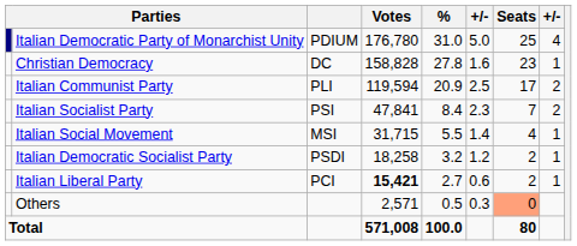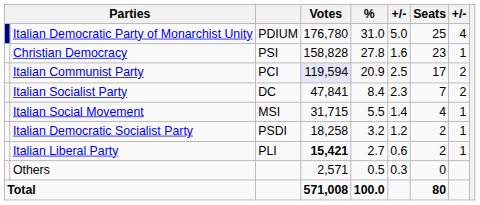 <table class="wikitable">
 <tr>
 <th colspan="2">Parties</th>
 <th></th>
 <th>Votes</th>
 <th>%</th>
 <th>+/-</th>
 <th>Seats</th>
 <th>+/-</th>
 <th rowspan="13"></th>
 </tr>
 <tr>
 <td style="background-color:#000080"></td>
 <td><a href='#'>Italian Democratic Party of Monarchist Unity</a></td>
 <td>PDIUM</td>
 <td align=right>176,780</td>
 <td align=right>31.0</td>
 <td align=right> 5.0</td>
 <td align=right>25</td>
 <td align=right> 4</td>
 </tr>
 <tr>
 <td style="background-color:"></td>
 <td><a href='#'>Christian Democracy</a></td>
-<td>DC</td>
+<td>PSI</td>
 <td align=right>158,828</td>
 <td align=right>27.8</td>
 <td align=right> 1.6</td>
 <td align=right>23</td>
 <td align=right> 1</td>
 </tr>
 <tr>
 <td style="background-color:"></td>
 <td><a href='#'>Italian Communist Party</a></td>
-<td>PLI</td>
-<td align=right>119,594</td>
+<td>PCI</td>
+<td align=right style="background: lavender;">119,594</td>
 <td align=right>20.9</td>
 <td align=right> 2.5</td>
 <td align=right>17</td>
 <td align=right> 2</td>
 </tr>
 <tr>
 <td style="background-color:"></td>
 <td><a href='#'>Italian Socialist Party</a></td>
-<td>PSI</td>
+<td>DC</td>
 <td align=right>47,841</td>
 <td align=right>8.4</td>
 <td align=right> 2.3</td>
 <td align=right>7</td>
 <td align=right> 2</td>
 </tr>
 <tr>
 <td style="background-color:"></td>
 <td><a href='#'>Italian Social Movement</a></td>
 <td>MSI</td>
 <td align=right>31,715</td>
 <td align=right>5.5</td>
 <td align=right> 1.4</td>
 <td align=right>4</td>
 <td align=right> 1</td>
 </tr>
 <tr>
 <td style="background-color:"></td>
 <td><a href='#'>Italian Democratic Socialist Party</a></td>
 <td>PSDI</td>
 <td align=right>18,258</td>
 <td align=right>3.2</td>
 <td align=right> 1.2</td>
 <td align=right>2</td>
 <td align=right> 1</td>
 </tr>
 <tr>
 <td style="background-color:"></td>
 <td><a href='#'>Italian Liberal Party</a></td>
-<td>PCI</td>
+<td>PLI</td>
 <td align=right><strong>15,421</strong></td>
 <td align=right>2.7</td>
 <td align=right> 0.6</td>
 <td align=right>2</td>
 <td align=right> 1</td>
 </tr>
 <tr>
 <td style="background-color:"></td>
 <td>Others</td>
 <td></td>
 <td align=right>2,571</td>
 <td align=right>0.5</td>
 <td align=right> 0.3</td>
-<td align=right style="background: lightsalmon;">0</td>
+<td align=right>0</td>
 <td align=right></td>
 </tr>
 <tr>
 <td colspan="2"><strong>Total</strong></td>
 <td></td>
 <td align=right><strong>571,008</strong></td>
 <td align=right><strong>100.0</strong></td>
 <td align=right></td>
 <td align=right><strong>80</strong></td>
 <td align=right></td>
 </tr>
 </table>
